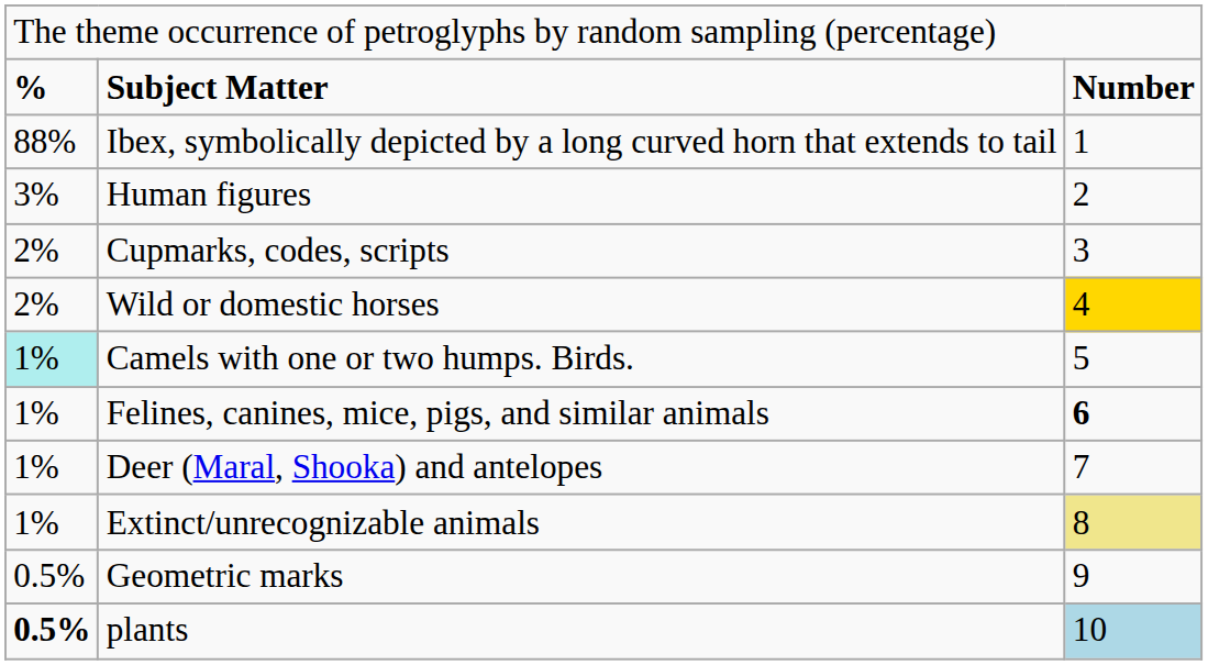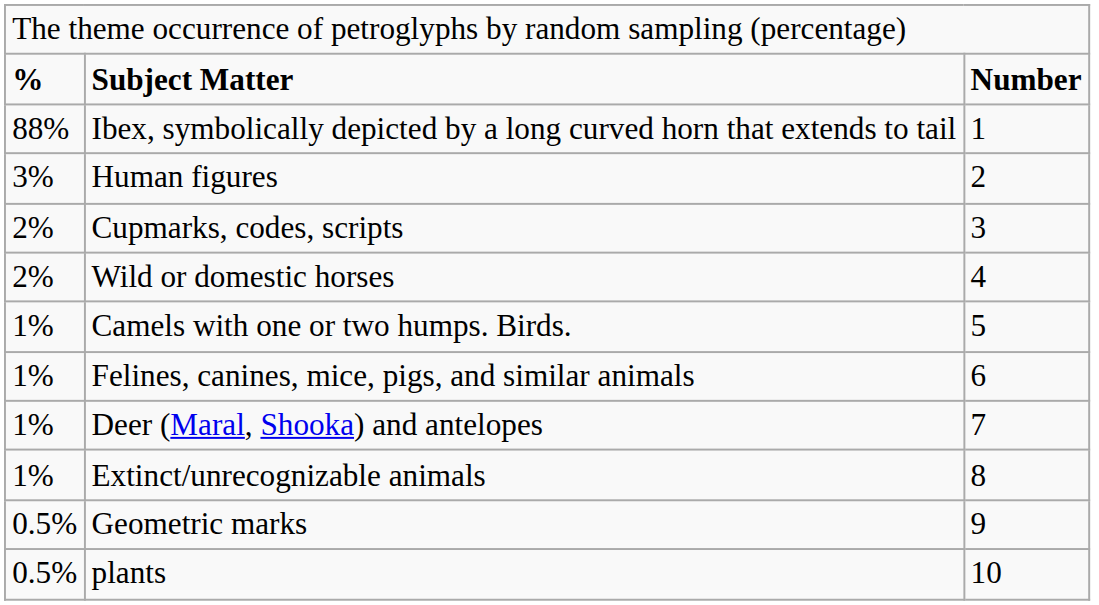 <table class="wikitable">
 <tr>
 <td colspan="3">The theme occurrence of petroglyphs by random sampling (percentage)</td>
 </tr>
 <tr>
 <td><strong>%</strong></td>
 <td><strong>Subject Matter</strong></td>
 <td><strong>Number</strong></td>
 </tr>
 <tr>
 <td>88%</td>
 <td>Ibex, symbolically depicted by a long curved horn that extends to tail</td>
 <td>1</td>
 </tr>
 <tr>
 <td>3%</td>
 <td>Human figures</td>
 <td>2</td>
 </tr>
 <tr>
 <td>2%</td>
 <td>Cupmarks, codes, scripts</td>
 <td>3</td>
 </tr>
 <tr>
 <td>2%</td>
 <td>Wild or domestic horses</td>
-<td style="background: gold;">4</td>
+<td>4</td>
 </tr>
 <tr>
-<td style="background: paleturquoise;">1%</td>
+<td>1%</td>
 <td>Camels with one or two humps. Birds.</td>
 <td>5</td>
 </tr>
 <tr>
 <td>1%</td>
 <td>Felines, canines, mice, pigs, and similar animals</td>
-<td><strong>6</strong></td>
+<td>6</td>
 </tr>
 <tr>
 <td>1%</td>
 <td>Deer (<a href='#'>Maral</a>, <a href='#'>Shooka</a>) and antelopes</td>
 <td>7</td>
 </tr>
 <tr>
 <td>1%</td>
 <td>Extinct/unrecognizable animals</td>
-<td style="background: khaki;">8</td>
+<td>8</td>
 </tr>
 <tr>
 <td>0.5%</td>
 <td>Geometric marks</td>
 <td>9</td>
 </tr>
 <tr>
-<td><strong>0.5%</strong></td>
+<td>0.5%</td>
 <td>plants</td>
-<td style="background: lightblue;">10</td>
+<td>10</td>
 </tr>
 </table>
